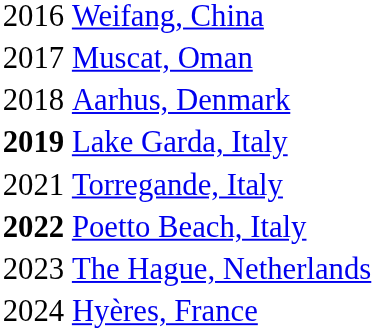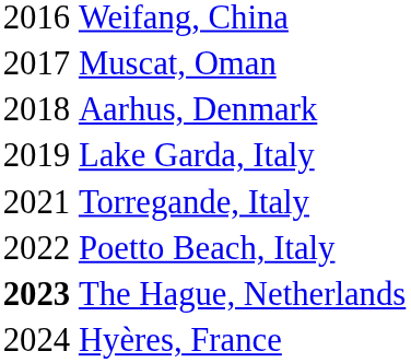 <table>
 <tr>
 <td>2016<br></td>
 <td><a href='#'>Weifang, China</a></td>
 <td></td>
 <td></td>
 <td></td>
 </tr>
 <tr>
 <td>2017</td>
 <td><a href='#'>Muscat, Oman</a></td>
 <td></td>
 <td></td>
 <td></td>
 </tr>
 <tr>
 <td>2018</td>
 <td><a href='#'>Aarhus, Denmark</a></td>
 <td></td>
 <td></td>
 <td></td>
 </tr>
 <tr>
-<td><strong>2019</strong></td>
+<td>2019</td>
 <td><a href='#'>Lake Garda, Italy</a></td>
 <td></td>
 <td></td>
 <td></td>
 </tr>
 <tr>
 <td>2021</td>
 <td><a href='#'>Torregande, Italy</a></td>
 <td></td>
 <td></td>
 <td></td>
 </tr>
 <tr>
-<td><strong>2022</strong></td>
+<td>2022</td>
 <td><a href='#'>Poetto Beach, Italy</a></td>
 <td></td>
 <td></td>
 <td></td>
 </tr>
 <tr>
-<td>2023</td>
+<td><strong>2023</strong></td>
 <td><a href='#'>The Hague, Netherlands</a></td>
 <td></td>
 <td></td>
 <td></td>
 </tr>
 <tr>
 <td>2024</td>
 <td><a href='#'>Hyères, France</a></td>
 <td></td>
 <td></td>
 <td></td>
 </tr>
 </table>
